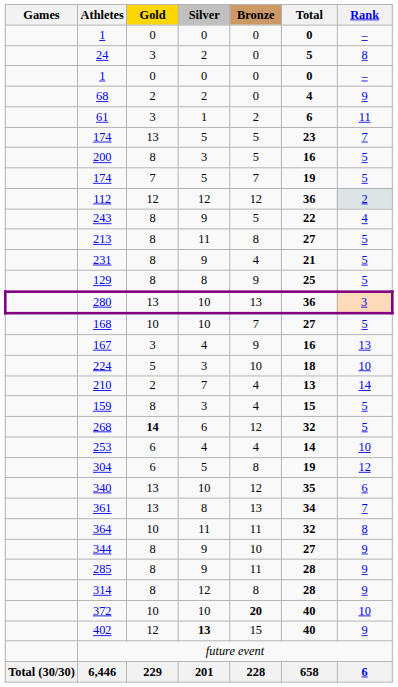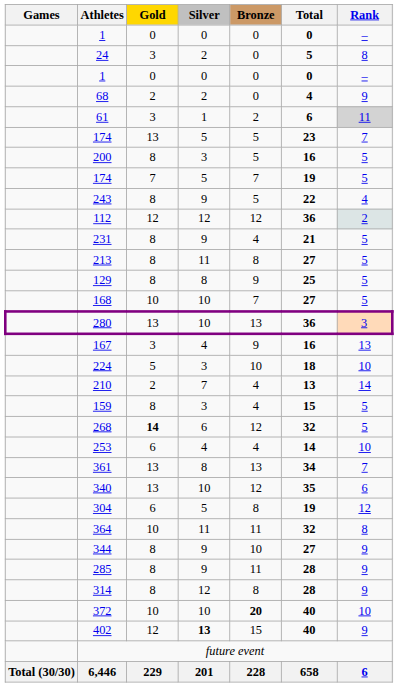 <table class="wikitable" style="text-align:center; font-size:90%;">
 <tr>
 <th>Games</th>
 <th>Athletes</th>
 <td style="background:gold; width:3.7em; font-weight:bold;">Gold</td>
 <td style="background:silver; width:3.7em; font-weight:bold;">Silver</td>
 <td style="background:#cc9966; width:3.7em; font-weight:bold;">Bronze</td>
 <th style="width:4em; font-weight:bold;">Total</th>
 <th style="width:4em; font-weight:bold;"><a href='#'>Rank</a></th>
 </tr>
 <tr>
 <td align=left></td>
 <td><a href='#'>1</a></td>
 <td>0</td>
 <td>0</td>
 <td>0</td>
 <td><strong>0</strong></td>
 <td><a href='#'>–</a></td>
 </tr>
 <tr>
 <td align=left></td>
 <td><a href='#'>24</a></td>
 <td>3</td>
 <td>2</td>
 <td>0</td>
 <td><strong>5</strong></td>
 <td><a href='#'>8</a></td>
 </tr>
 <tr>
 <td align=left></td>
 <td><a href='#'>1</a></td>
 <td>0</td>
 <td>0</td>
 <td>0</td>
 <td><strong>0</strong></td>
 <td><a href='#'>–</a></td>
 </tr>
 <tr>
 <td align=left></td>
 <td><a href='#'>68</a></td>
 <td>2</td>
 <td>2</td>
 <td>0</td>
 <td><strong>4</strong></td>
 <td><a href='#'>9</a></td>
 </tr>
 <tr>
 <td align=left></td>
 <td><a href='#'>61</a></td>
 <td>3</td>
 <td>1</td>
 <td>2</td>
 <td><strong>6</strong></td>
-<td><a href='#'>11</a></td>
+<td style="background: lightgrey;"><a href='#'>11</a></td>
 </tr>
 <tr>
 <td align=left></td>
 <td><a href='#'>174</a></td>
 <td>13</td>
 <td>5</td>
 <td>5</td>
 <td><strong>23</strong></td>
 <td><a href='#'>7</a></td>
 </tr>
 <tr>
 <td align=left></td>
 <td><a href='#'>200</a></td>
 <td>8</td>
 <td>3</td>
 <td>5</td>
 <td><strong>16</strong></td>
 <td><a href='#'>5</a></td>
 </tr>
 <tr>
 <td align=left></td>
 <td><a href='#'>174</a></td>
 <td>7</td>
 <td>5</td>
 <td>7</td>
 <td><strong>19</strong></td>
 <td><a href='#'>5</a></td>
 </tr>
 <tr>
 <td align=left></td>
+<td><a href='#'>243</a></td>
+<td>8</td>
+<td>9</td>
+<td>5</td>
+<td><strong>22</strong></td>
+<td><a href='#'>4</a></td>
+</tr>
+<tr>
+<td align=left></td>
 <td><a href='#'>112</a></td>
 <td>12</td>
 <td>12</td>
 <td>12</td>
 <td><strong>36</strong></td>
 <td style="background-color:#dce5e5"><a href='#'>2</a></td>
 </tr>
 <tr>
 <td align=left></td>
-<td><a href='#'>243</a></td>
+<td><a href='#'>231</a></td>
 <td>8</td>
 <td>9</td>
-<td>5</td>
-<td><strong>22</strong></td>
-<td><a href='#'>4</a></td>
+<td>4</td>
+<td><strong>21</strong></td>
+<td><a href='#'>5</a></td>
 </tr>
 <tr>
 <td align=left></td>
 <td><a href='#'>213</a></td>
 <td>8</td>
 <td>11</td>
 <td>8</td>
 <td><strong>27</strong></td>
 <td><a href='#'>5</a></td>
 </tr>
 <tr>
 <td align=left></td>
-<td><a href='#'>231</a></td>
-<td>8</td>
-<td>9</td>
-<td>4</td>
-<td><strong>21</strong></td>
-<td><a href='#'>5</a></td>
-</tr>
-<tr>
-<td align=left></td>
 <td><a href='#'>129</a></td>
 <td>8</td>
 <td>8</td>
 <td>9</td>
 <td><strong>25</strong></td>
+<td><a href='#'>5</a></td>
+</tr>
+<tr>
+<td align=left></td>
+<td><a href='#'>168</a></td>
+<td>10</td>
+<td>10</td>
+<td>7</td>
+<td><strong>27</strong></td>
 <td><a href='#'>5</a></td>
 </tr>
 <tr style="border: 3px solid purple">
 <td align=left></td>
 <td><a href='#'>280</a></td>
 <td>13</td>
 <td>10</td>
 <td>13</td>
 <td><strong>36</strong></td>
 <td style="background-color:#ffdab9"><a href='#'>3</a></td>
-</tr>
-<tr>
-<td align=left></td>
-<td><a href='#'>168</a></td>
-<td>10</td>
-<td>10</td>
-<td>7</td>
-<td><strong>27</strong></td>
-<td><a href='#'>5</a></td>
 </tr>
 <tr>
 <td align=left></td>
 <td><a href='#'>167</a></td>
 <td>3</td>
 <td>4</td>
 <td>9</td>
 <td><strong>16</strong></td>
 <td><a href='#'>13</a></td>
 </tr>
 <tr>
 <td align=left></td>
 <td><a href='#'>224</a></td>
 <td>5</td>
 <td>3</td>
 <td>10</td>
 <td><strong>18</strong></td>
 <td><a href='#'>10</a></td>
 </tr>
 <tr>
 <td align=left></td>
 <td><a href='#'>210</a></td>
 <td>2</td>
 <td>7</td>
 <td>4</td>
 <td><strong>13</strong></td>
 <td><a href='#'>14</a></td>
 </tr>
 <tr>
 <td align=left></td>
 <td><a href='#'>159</a></td>
 <td>8</td>
 <td>3</td>
 <td>4</td>
 <td><strong>15</strong></td>
 <td><a href='#'>5</a></td>
 </tr>
 <tr>
 <td align=left></td>
 <td><a href='#'>268</a></td>
 <td><strong>14</strong></td>
 <td>6</td>
 <td>12</td>
 <td><strong>32</strong></td>
 <td><a href='#'>5</a></td>
 </tr>
 <tr>
 <td align=left></td>
 <td><a href='#'>253</a></td>
 <td>6</td>
 <td>4</td>
 <td>4</td>
 <td><strong>14</strong></td>
 <td><a href='#'>10</a></td>
 </tr>
 <tr>
 <td align=left></td>
-<td><a href='#'>304</a></td>
-<td>6</td>
-<td>5</td>
+<td><a href='#'>361</a></td>
+<td>13</td>
 <td>8</td>
-<td><strong>19</strong></td>
-<td><a href='#'>12</a></td>
+<td>13</td>
+<td><strong>34</strong></td>
+<td><a href='#'>7</a></td>
 </tr>
 <tr>
 <td align=left></td>
 <td><a href='#'>340</a></td>
 <td>13</td>
 <td>10</td>
 <td>12</td>
 <td><strong>35</strong></td>
 <td><a href='#'>6</a></td>
 </tr>
 <tr>
 <td align=left></td>
-<td><a href='#'>361</a></td>
-<td>13</td>
+<td><a href='#'>304</a></td>
+<td>6</td>
+<td>5</td>
 <td>8</td>
-<td>13</td>
-<td><strong>34</strong></td>
-<td><a href='#'>7</a></td>
+<td><strong>19</strong></td>
+<td><a href='#'>12</a></td>
 </tr>
 <tr>
 <td align=left></td>
 <td><a href='#'>364</a></td>
 <td>10</td>
 <td>11</td>
 <td>11</td>
 <td><strong>32</strong></td>
 <td><a href='#'>8</a></td>
 </tr>
 <tr>
 <td align=left></td>
 <td><a href='#'>344</a></td>
 <td>8</td>
 <td>9</td>
 <td>10</td>
 <td><strong>27</strong></td>
 <td><a href='#'>9</a></td>
 </tr>
 <tr>
 <td align=left></td>
 <td><a href='#'>285</a></td>
 <td>8</td>
 <td>9</td>
 <td>11</td>
 <td><strong>28</strong></td>
 <td><a href='#'>9</a></td>
 </tr>
 <tr>
 <td align=left></td>
 <td><a href='#'>314</a></td>
 <td>8</td>
 <td>12</td>
 <td>8</td>
 <td><strong>28</strong></td>
 <td><a href='#'>9</a></td>
 </tr>
 <tr>
 <td align=left></td>
 <td><a href='#'>372</a></td>
 <td>10</td>
 <td>10</td>
 <td><strong>20</strong></td>
 <td><strong>40</strong></td>
 <td><a href='#'>10</a></td>
 </tr>
 <tr>
 <td align=left></td>
 <td><a href='#'>402</a></td>
 <td>12</td>
 <td><strong>13</strong></td>
 <td>15</td>
 <td><strong>40</strong></td>
 <td><a href='#'>9</a></td>
 </tr>
 <tr>
 <td align=left></td>
 <td colspan=6;rowspan=2><em>future event</em></td>
 </tr>
 <tr>
 <th colspan=1>Total (30/30)</th>
 <th>6,446</th>
 <th>229</th>
 <th>201</th>
 <th>228</th>
 <th>658</th>
 <th><a href='#'>6</a></th>
 </tr>
 </table>
